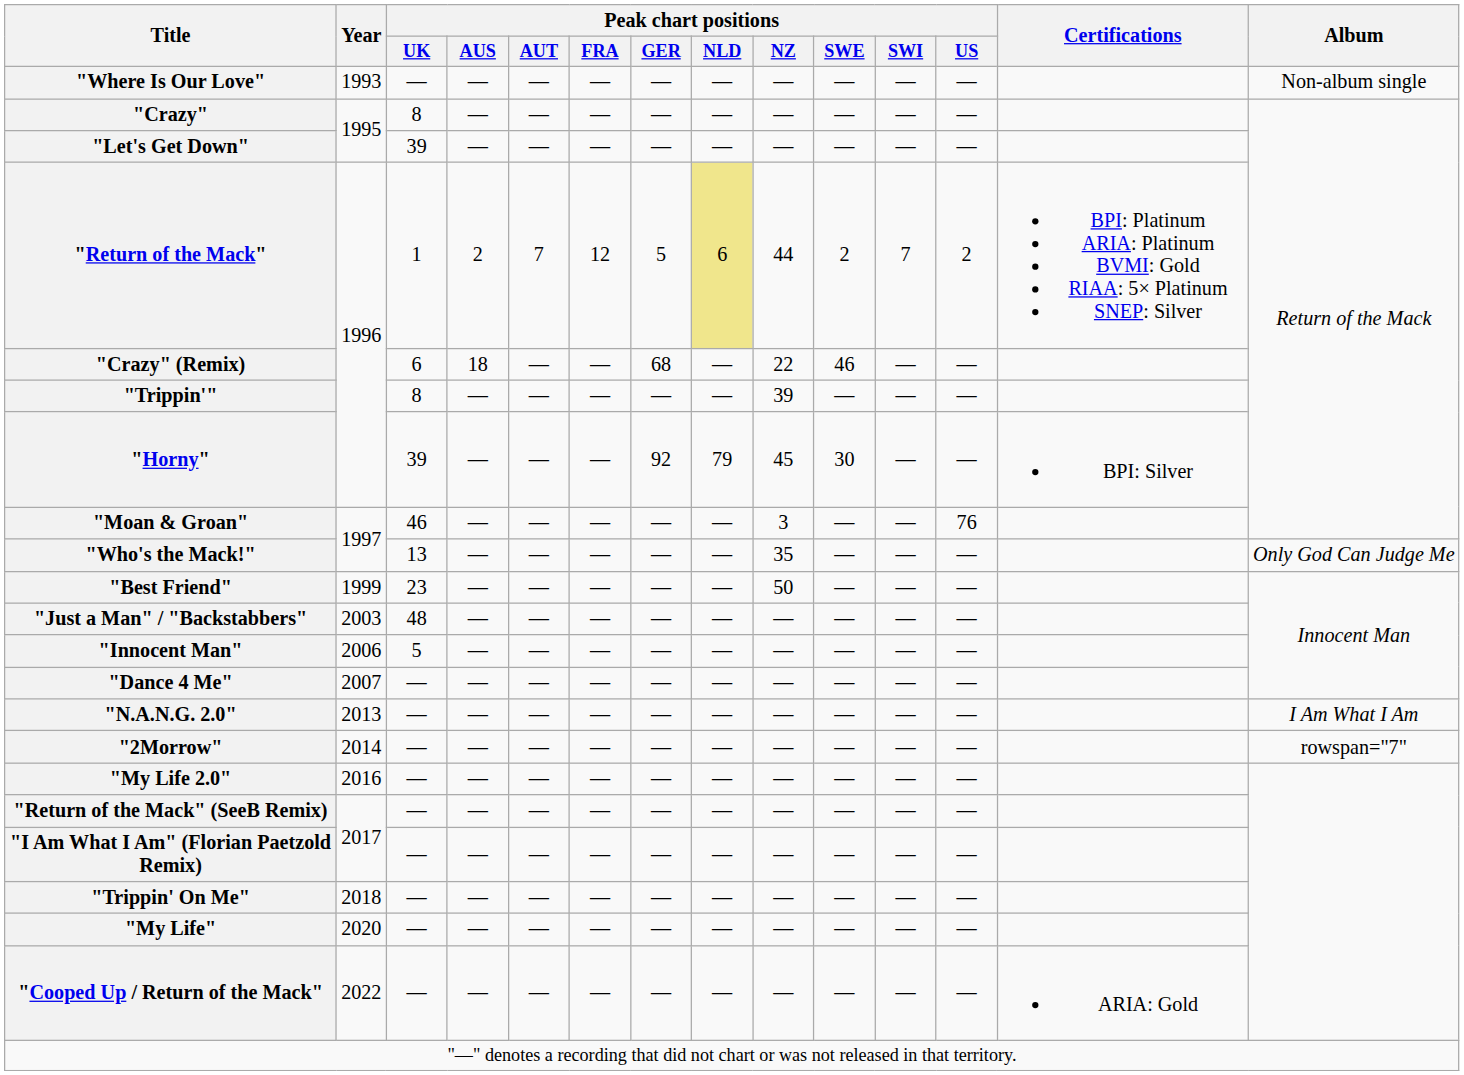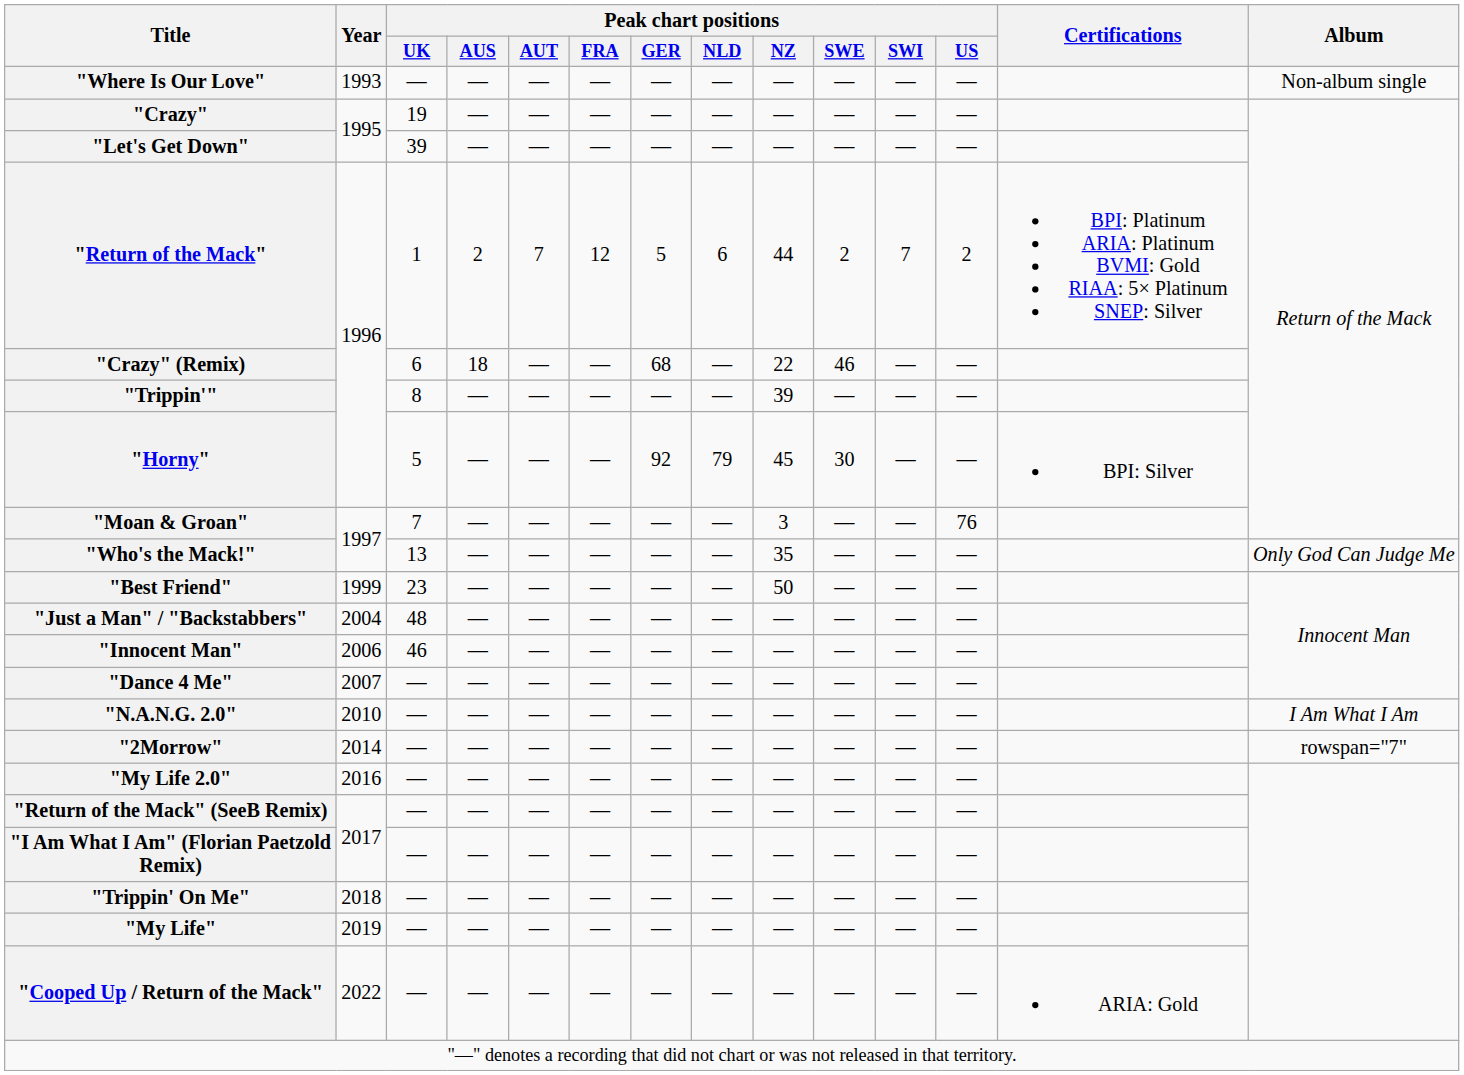 <table class="wikitable plainrowheaders" style="text-align:center;">
 <tr>
 <th scope="col" rowspan="2" style="width:16em;">Title</th>
 <th scope="col" rowspan="2">Year</th>
 <th scope="col" colspan="10">Peak chart positions</th>
 <th scope="col" rowspan="2" style="width:12em;"><a href='#'>Certifications</a></th>
 <th scope="col" rowspan="2">Album</th>
 </tr>
 <tr>
 <th scope="col" style="width:2.9em;font-size:90%;"><a href='#'>UK</a><br></th>
 <th scope="col" style="width:2.9em;font-size:90%;"><a href='#'>AUS</a><br></th>
 <th scope="col" style="width:2.9em;font-size:90%;"><a href='#'>AUT</a><br></th>
 <th scope="col" style="width:2.9em;font-size:90%;"><a href='#'>FRA</a><br></th>
 <th scope="col" style="width:2.9em;font-size:90%;"><a href='#'>GER</a><br></th>
 <th scope="col" style="width:2.9em;font-size:90%;"><a href='#'>NLD</a><br></th>
 <th scope="col" style="width:2.9em;font-size:90%;"><a href='#'>NZ</a><br></th>
 <th scope="col" style="width:2.9em;font-size:90%;"><a href='#'>SWE</a><br></th>
 <th scope="col" style="width:2.9em;font-size:90%;"><a href='#'>SWI</a><br></th>
 <th scope="col" style="width:2.9em;font-size:90%;"><a href='#'>US</a><br></th>
 </tr>
 <tr>
 <th scope="row">"Where Is Our Love"</th>
 <td>1993</td>
 <td>—</td>
 <td>—</td>
 <td>—</td>
 <td>—</td>
 <td>—</td>
 <td>—</td>
 <td>—</td>
 <td>—</td>
 <td>—</td>
 <td>—</td>
 <td></td>
 <td>Non-album single</td>
 </tr>
 <tr>
 <th scope="row">"Crazy"</th>
 <td rowspan="2">1995</td>
-<td>8</td>
+<td>19</td>
 <td>—</td>
 <td>—</td>
 <td>—</td>
 <td>—</td>
 <td>—</td>
 <td>—</td>
 <td>—</td>
 <td>—</td>
 <td>—</td>
 <td></td>
 <td rowspan="7"><em>Return of the Mack</em></td>
 </tr>
 <tr>
 <th scope="row">"Let's Get Down"</th>
 <td>39</td>
 <td>—</td>
 <td>—</td>
 <td>—</td>
 <td>—</td>
 <td>—</td>
 <td>—</td>
 <td>—</td>
 <td>—</td>
 <td>—</td>
 <td></td>
 </tr>
 <tr>
 <th scope="row">"<a href='#'>Return of the Mack</a>"</th>
 <td rowspan="4">1996</td>
 <td>1</td>
 <td>2</td>
 <td>7</td>
 <td>12</td>
 <td>5</td>
-<td style="background: khaki;">6</td>
+<td>6</td>
 <td>44</td>
 <td>2</td>
 <td>7</td>
 <td>2</td>
 <td><br><ul><li><a href='#'>BPI</a>: Platinum</li><li><a href='#'>ARIA</a>: Platinum</li><li><a href='#'>BVMI</a>: Gold</li><li><a href='#'>RIAA</a>: 5× Platinum</li><li><a href='#'>SNEP</a>: Silver</li></ul></td>
 </tr>
 <tr>
 <th scope="row">"Crazy" (Remix)</th>
 <td>6</td>
 <td>18</td>
 <td>—</td>
 <td>—</td>
 <td>68</td>
 <td>—</td>
 <td>22</td>
 <td>46</td>
 <td>—</td>
 <td>—</td>
 <td></td>
 </tr>
 <tr>
 <th scope="row">"Trippin'"</th>
 <td>8</td>
 <td>—</td>
 <td>—</td>
 <td>—</td>
 <td>—</td>
 <td>—</td>
 <td>39</td>
 <td>—</td>
 <td>—</td>
 <td>—</td>
 <td></td>
 </tr>
 <tr>
 <th scope="row">"<a href='#'>Horny</a>"</th>
-<td>39</td>
+<td>5</td>
 <td>—</td>
 <td>—</td>
 <td>—</td>
 <td>92</td>
 <td>79</td>
 <td>45</td>
 <td>30</td>
 <td>—</td>
 <td>—</td>
 <td><br><ul><li>BPI: Silver</li></ul></td>
 </tr>
 <tr>
 <th scope="row">"Moan & Groan"</th>
 <td rowspan="2">1997</td>
-<td>46</td>
+<td>7</td>
 <td>—</td>
 <td>—</td>
 <td>—</td>
 <td>—</td>
 <td>—</td>
 <td>3</td>
 <td>—</td>
 <td>—</td>
 <td>76</td>
 <td></td>
 </tr>
 <tr>
 <th scope="row">"Who's the Mack!"</th>
 <td>13</td>
 <td>—</td>
 <td>—</td>
 <td>—</td>
 <td>—</td>
 <td>—</td>
 <td>35</td>
 <td>—</td>
 <td>—</td>
 <td>—</td>
 <td></td>
 <td><em>Only God Can Judge Me</em></td>
 </tr>
 <tr>
 <th scope="row">"Best Friend"<br></th>
 <td>1999</td>
 <td>23</td>
 <td>—</td>
 <td>—</td>
 <td>—</td>
 <td>—</td>
 <td>—</td>
 <td>50</td>
 <td>—</td>
 <td>—</td>
 <td>—</td>
 <td></td>
 <td rowspan="4"><em>Innocent Man</em></td>
 </tr>
 <tr>
 <th scope="row">"Just a Man" / "Backstabbers"</th>
-<td>2003</td>
+<td>2004</td>
 <td>48</td>
 <td>—</td>
 <td>—</td>
 <td>—</td>
 <td>—</td>
 <td>—</td>
 <td>—</td>
 <td>—</td>
 <td>—</td>
 <td>—</td>
 <td></td>
 </tr>
 <tr>
 <th scope="row">"Innocent Man"<br></th>
 <td>2006</td>
-<td>5</td>
+<td>46</td>
 <td>—</td>
 <td>—</td>
 <td>—</td>
 <td>—</td>
 <td>—</td>
 <td>—</td>
 <td>—</td>
 <td>—</td>
 <td>—</td>
 <td></td>
 </tr>
 <tr>
 <th scope="row">"Dance 4 Me"<br></th>
 <td>2007</td>
 <td>—</td>
 <td>—</td>
 <td>—</td>
 <td>—</td>
 <td>—</td>
 <td>—</td>
 <td>—</td>
 <td>—</td>
 <td>—</td>
 <td>—</td>
 <td></td>
 </tr>
 <tr>
 <th scope="row">"N.A.N.G. 2.0"<br></th>
-<td>2013</td>
+<td>2010</td>
 <td>—</td>
 <td>—</td>
 <td>—</td>
 <td>—</td>
 <td>—</td>
 <td>—</td>
 <td>—</td>
 <td>—</td>
 <td>—</td>
 <td>—</td>
 <td></td>
 <td><em>I Am What I Am</em></td>
 </tr>
 <tr>
 <th scope="row">"2Morrow"<br></th>
 <td>2014</td>
 <td>—</td>
 <td>—</td>
 <td>—</td>
 <td>—</td>
 <td>—</td>
 <td>—</td>
 <td>—</td>
 <td>—</td>
 <td>—</td>
 <td>—</td>
 <td></td>
 <td>rowspan="7" </td>
 </tr>
 <tr>
 <th scope="row">"My Life 2.0"<br></th>
 <td>2016</td>
 <td>—</td>
 <td>—</td>
 <td>—</td>
 <td>—</td>
 <td>—</td>
 <td>—</td>
 <td>—</td>
 <td>—</td>
 <td>—</td>
 <td>—</td>
 <td></td>
 </tr>
 <tr>
 <th scope="row">"Return of the Mack" (SeeB Remix)<br></th>
 <td rowspan="2">2017</td>
 <td>—</td>
 <td>—</td>
 <td>—</td>
 <td>—</td>
 <td>—</td>
 <td>—</td>
 <td>—</td>
 <td>—</td>
 <td>—</td>
 <td>—</td>
 <td></td>
 </tr>
 <tr>
 <th scope="row">"I Am What I Am" (Florian Paetzold Remix)</th>
 <td>—</td>
 <td>—</td>
 <td>—</td>
 <td>—</td>
 <td>—</td>
 <td>—</td>
 <td>—</td>
 <td>—</td>
 <td>—</td>
 <td>—</td>
 <td></td>
 </tr>
 <tr>
 <th scope="row">"Trippin' On Me"<br></th>
 <td>2018</td>
 <td>—</td>
 <td>—</td>
 <td>—</td>
 <td>—</td>
 <td>—</td>
 <td>—</td>
 <td>—</td>
 <td>—</td>
 <td>—</td>
 <td>—</td>
 <td></td>
 </tr>
 <tr>
 <th scope="row">"My Life"<br></th>
-<td>2020</td>
+<td>2019</td>
 <td>—</td>
 <td>—</td>
 <td>—</td>
 <td>—</td>
 <td>—</td>
 <td>—</td>
 <td>—</td>
 <td>—</td>
 <td>—</td>
 <td>—</td>
 <td></td>
 </tr>
 <tr>
 <th scope="row">"<a href='#'>Cooped Up</a> / Return of the Mack"<br></th>
 <td>2022</td>
 <td>—</td>
 <td>—</td>
 <td>—</td>
 <td>—</td>
 <td>—</td>
 <td>—</td>
 <td>—</td>
 <td>—</td>
 <td>—</td>
 <td>—</td>
 <td><br><ul><li>ARIA: Gold</li></ul></td>
 </tr>
 <tr>
 <td colspan="15" style="font-size:90%">"—" denotes a recording that did not chart or was not released in that territory.</td>
 </tr>
 </table>
